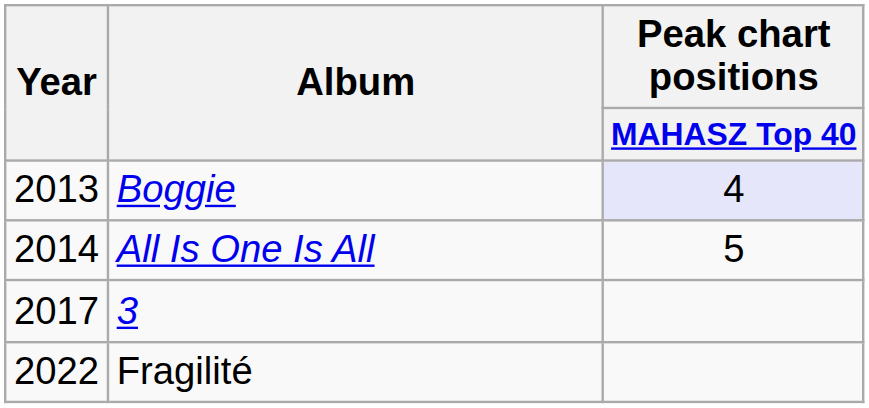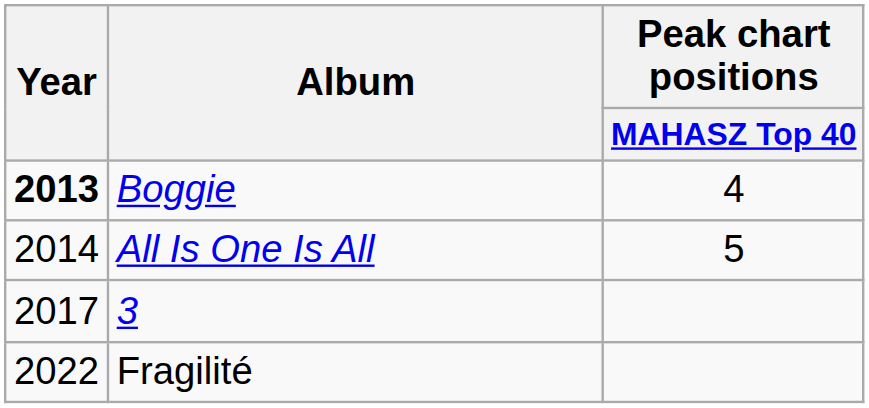 <table class="wikitable">
 <tr>
 <th rowspan="2">Year</th>
 <th rowspan="2" width="200">Album</th>
 <th colspan="1">Peak chart <br> positions</th>
 </tr>
 <tr style="font-size:smaller;">
 <th><a href='#'>MAHASZ Top 40</a></th>
 </tr>
 <tr>
-<td align="center">2013</td>
+<td align="center"><strong>2013</strong></td>
 <td><em><a href='#'>Boggie</a></em></td>
-<td align="center" style="background: lavender;">4</td>
+<td align="center">4</td>
 </tr>
 <tr>
 <td align="center">2014</td>
 <td><em><a href='#'>All Is One Is All</a></em></td>
 <td align="center">5</td>
 </tr>
 <tr>
 <td align="center">2017</td>
 <td><em><a href='#'>3</a></em></td>
 <td align="center"></td>
 </tr>
 <tr>
 <td>2022</td>
 <td>Fragilité</td>
 <td></td>
 </tr>
 </table>
